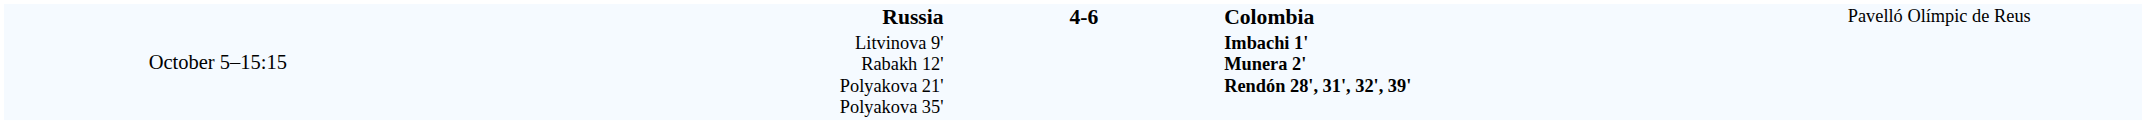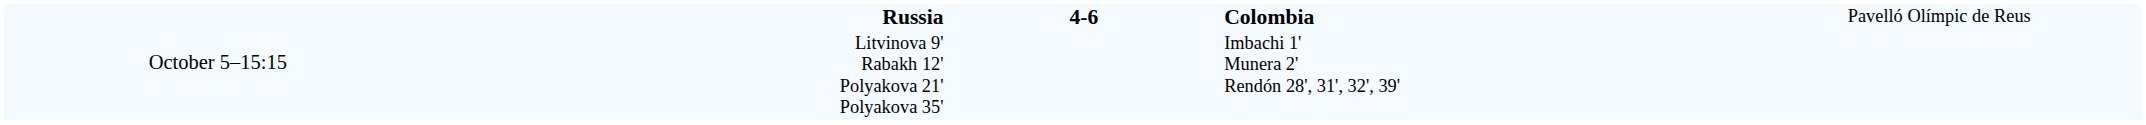 <table style="width: 100%; background:#F5FAFF;" cellspacing="0">
 <tr>
 <td style=font-size:95% align=center rowspan=3 width=20%>October 5–15:15</td>
 </tr>
 <tr>
 <td width=24% align=right><strong>Russia</strong></td>
 <td align=center width=13%><strong>4-6</strong></td>
 <td width=24%><strong>Colombia</strong></td>
 <td style=font-size:85% rowspan=3 valign=top align=center>Pavelló Olímpic de Reus</td>
 </tr>
 <tr style=font-size:85%>
 <td align=right valign=top>Litvinova 9'<br>Rabakh 12'<br>Polyakova 21'<br>Polyakova 35'</td>
 <td></td>
-<td valign=top><strong>Imbachi 1'<br>Munera 2'<br>Rendón 28', 31', 32', 39'</strong></td>
+<td valign=top>Imbachi 1'<br>Munera 2'<br>Rendón 28', 31', 32', 39'</td>
 </tr>
 </table>
